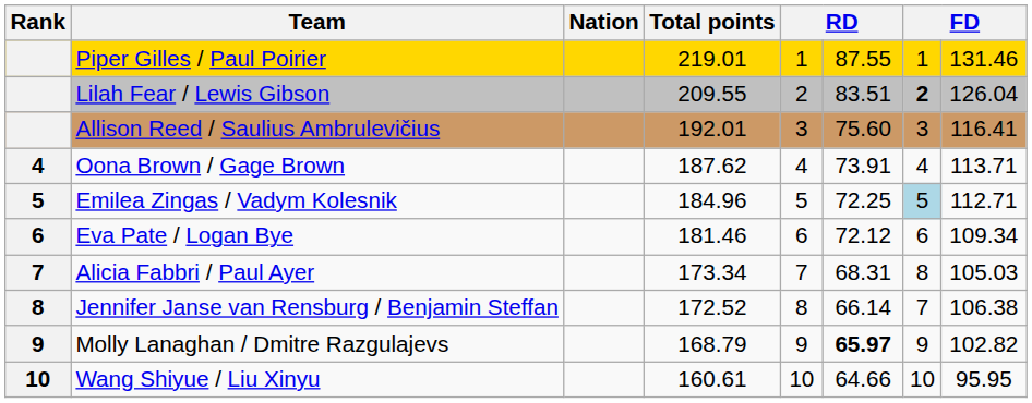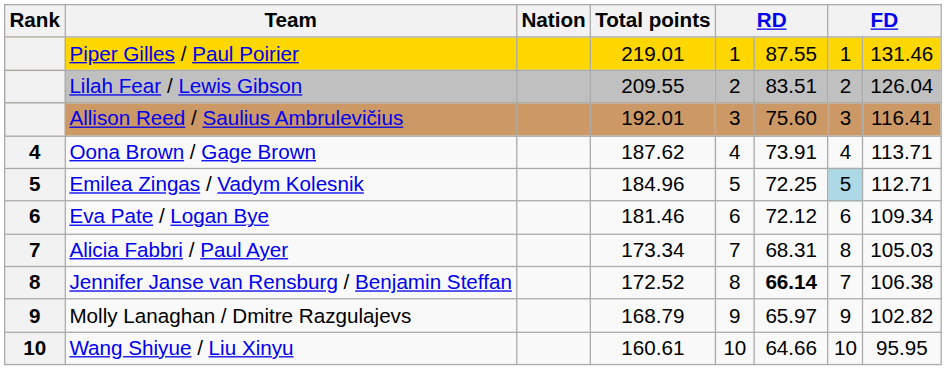 <table class="wikitable sortable" style="text-align:left">
 <tr>
 <th scope="col">Rank</th>
 <th scope="col">Team</th>
 <th scope="col">Nation</th>
 <th scope="col">Total points</th>
 <th scope="col" colspan="2" width="80px"><a href='#'>RD</a></th>
 <th scope="col" colspan="2" width="80px"><a href='#'>FD</a></th>
 </tr>
 <tr bgcolor="gold">
 <th scope="row"></th>
 <td><a href='#'>Piper Gilles</a> / <a href='#'>Paul Poirier</a></td>
 <td></td>
 <td align="center">219.01</td>
 <td align="center">1</td>
 <td align="center">87.55</td>
 <td align="center">1</td>
 <td align="center">131.46</td>
 </tr>
 <tr bgcolor="silver">
 <th scope="row"></th>
 <td><a href='#'>Lilah Fear</a> / <a href='#'>Lewis Gibson</a></td>
 <td></td>
 <td align="center">209.55</td>
 <td align="center">2</td>
 <td align="center">83.51</td>
-<td align="center"><strong>2</strong></td>
+<td align="center">2</td>
 <td align="center">126.04</td>
 </tr>
 <tr bgcolor="cc9966">
 <th scope="row"></th>
 <td><a href='#'>Allison Reed</a> / <a href='#'>Saulius Ambrulevičius</a></td>
 <td></td>
 <td align="center">192.01</td>
 <td align="center">3</td>
 <td align="center">75.60</td>
 <td align="center">3</td>
 <td align="center">116.41</td>
 </tr>
 <tr>
 <th scope="row">4</th>
 <td><a href='#'>Oona Brown</a> / <a href='#'>Gage Brown</a></td>
 <td></td>
 <td align="center">187.62</td>
 <td align="center">4</td>
 <td align="center">73.91</td>
 <td align="center">4</td>
 <td align="center">113.71</td>
 </tr>
 <tr>
 <th scope="row">5</th>
 <td><a href='#'>Emilea Zingas</a> / <a href='#'>Vadym Kolesnik</a></td>
 <td></td>
 <td align="center">184.96</td>
 <td align="center">5</td>
 <td align="center">72.25</td>
 <td align="center" style="background: lightblue;">5</td>
 <td align="center">112.71</td>
 </tr>
 <tr>
 <th scope="row">6</th>
 <td><a href='#'>Eva Pate</a> / <a href='#'>Logan Bye</a></td>
 <td></td>
 <td align="center">181.46</td>
 <td align="center">6</td>
 <td align="center">72.12</td>
 <td align="center">6</td>
 <td align="center">109.34</td>
 </tr>
 <tr>
 <th scope="row">7</th>
 <td><a href='#'>Alicia Fabbri</a> / <a href='#'>Paul Ayer</a></td>
 <td></td>
 <td align="center">173.34</td>
 <td align="center">7</td>
 <td align="center">68.31</td>
 <td align="center">8</td>
 <td align="center">105.03</td>
 </tr>
 <tr>
 <th scope="row">8</th>
 <td><a href='#'>Jennifer Janse van Rensburg</a> / <a href='#'>Benjamin Steffan</a></td>
 <td></td>
 <td align="center">172.52</td>
 <td align="center">8</td>
-<td align="center">66.14</td>
+<td align="center"><strong>66.14</strong></td>
 <td align="center">7</td>
 <td align="center">106.38</td>
 </tr>
 <tr>
 <th scope="row">9</th>
 <td>Molly Lanaghan / Dmitre Razgulajevs</td>
 <td></td>
 <td align="center">168.79</td>
 <td align="center">9</td>
-<td align="center"><strong>65.97</strong></td>
+<td align="center">65.97</td>
 <td align="center">9</td>
 <td align="center">102.82</td>
 </tr>
 <tr>
 <th scope="row">10</th>
 <td><a href='#'>Wang Shiyue</a> / <a href='#'>Liu Xinyu</a></td>
 <td></td>
 <td align="center">160.61</td>
 <td align="center">10</td>
 <td align="center">64.66</td>
 <td align="center">10</td>
 <td align="center">95.95</td>
 </tr>
 </table>
